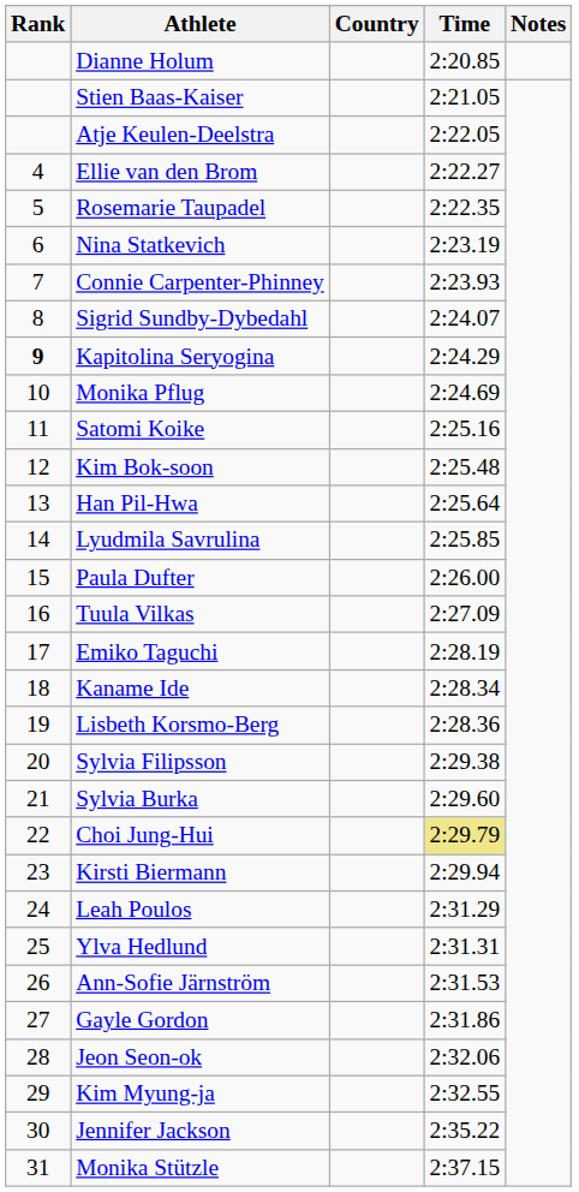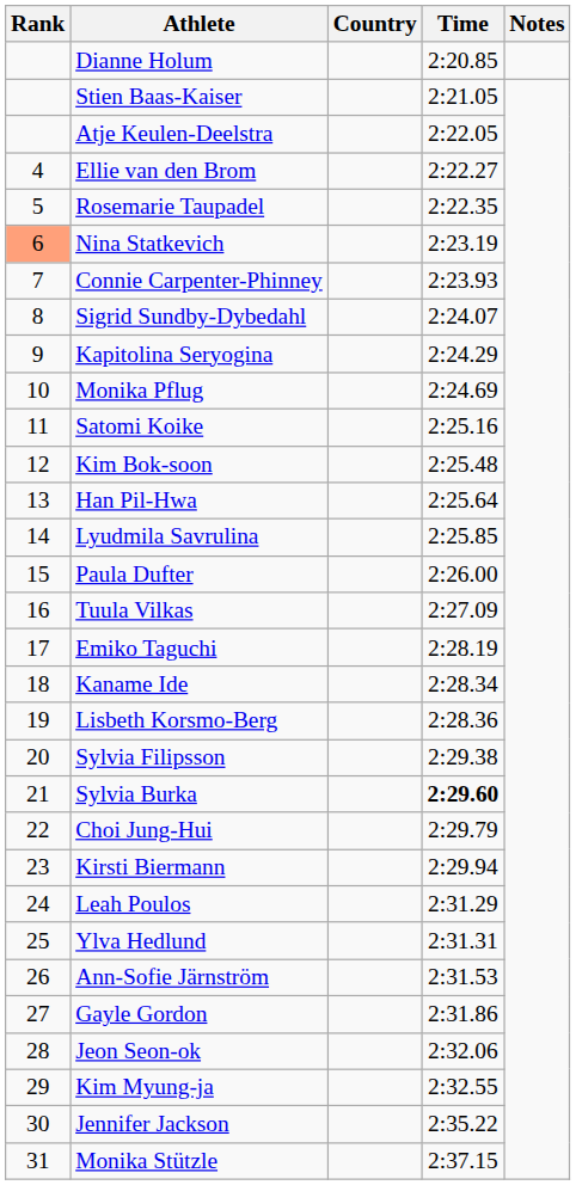 <table class="wikitable sortable" style="text-align:center">
 <tr>
 <th>Rank</th>
 <th>Athlete</th>
 <th>Country</th>
 <th>Time</th>
 <th>Notes</th>
 </tr>
 <tr>
 <td></td>
 <td align=left><a href='#'>Dianne Holum</a></td>
 <td align=left></td>
 <td>2:20.85</td>
 <td></td>
 </tr>
 <tr>
 <td></td>
 <td align=left><a href='#'>Stien Baas-Kaiser</a></td>
 <td align=left></td>
 <td>2:21.05</td>
 </tr>
 <tr>
 <td></td>
 <td align=left><a href='#'>Atje Keulen-Deelstra</a></td>
 <td align=left></td>
 <td>2:22.05</td>
 </tr>
 <tr>
 <td>4</td>
 <td align=left><a href='#'>Ellie van den Brom</a></td>
 <td align=left></td>
 <td>2:22.27</td>
 </tr>
 <tr>
 <td>5</td>
 <td align=left><a href='#'>Rosemarie Taupadel</a></td>
 <td align=left></td>
 <td>2:22.35</td>
 </tr>
 <tr>
-<td>6</td>
+<td style="background: lightsalmon;">6</td>
 <td align=left><a href='#'>Nina Statkevich</a></td>
 <td align=left></td>
 <td>2:23.19</td>
 </tr>
 <tr>
 <td>7</td>
 <td align=left><a href='#'>Connie Carpenter-Phinney</a></td>
 <td align=left></td>
 <td>2:23.93</td>
 </tr>
 <tr>
 <td>8</td>
 <td align=left><a href='#'>Sigrid Sundby-Dybedahl</a></td>
 <td align=left></td>
 <td>2:24.07</td>
 </tr>
 <tr>
-<td><strong>9</strong></td>
+<td>9</td>
 <td align=left><a href='#'>Kapitolina Seryogina</a></td>
 <td align=left></td>
 <td>2:24.29</td>
 </tr>
 <tr>
 <td>10</td>
 <td align=left><a href='#'>Monika Pflug</a></td>
 <td align=left></td>
 <td>2:24.69</td>
 </tr>
 <tr>
 <td>11</td>
 <td align=left><a href='#'>Satomi Koike</a></td>
 <td align=left></td>
 <td>2:25.16</td>
 </tr>
 <tr>
 <td>12</td>
 <td align=left><a href='#'>Kim Bok-soon</a></td>
 <td align=left></td>
 <td>2:25.48</td>
 </tr>
 <tr>
 <td>13</td>
 <td align=left><a href='#'>Han Pil-Hwa</a></td>
 <td align=left></td>
 <td>2:25.64</td>
 </tr>
 <tr>
 <td>14</td>
 <td align=left><a href='#'>Lyudmila Savrulina</a></td>
 <td align=left></td>
 <td>2:25.85</td>
 </tr>
 <tr>
 <td>15</td>
 <td align=left><a href='#'>Paula Dufter</a></td>
 <td align=left></td>
 <td>2:26.00</td>
 </tr>
 <tr>
 <td>16</td>
 <td align=left><a href='#'>Tuula Vilkas</a></td>
 <td align=left></td>
 <td>2:27.09</td>
 </tr>
 <tr>
 <td>17</td>
 <td align=left><a href='#'>Emiko Taguchi</a></td>
 <td align=left></td>
 <td>2:28.19</td>
 </tr>
 <tr>
 <td>18</td>
 <td align=left><a href='#'>Kaname Ide</a></td>
 <td align=left></td>
 <td>2:28.34</td>
 </tr>
 <tr>
 <td>19</td>
 <td align=left><a href='#'>Lisbeth Korsmo-Berg</a></td>
 <td align=left></td>
 <td>2:28.36</td>
 </tr>
 <tr>
 <td>20</td>
 <td align=left><a href='#'>Sylvia Filipsson</a></td>
 <td align=left></td>
 <td>2:29.38</td>
 </tr>
 <tr>
 <td>21</td>
 <td align=left><a href='#'>Sylvia Burka</a></td>
 <td align=left></td>
-<td>2:29.60</td>
+<td><strong>2:29.60</strong></td>
 </tr>
 <tr>
 <td>22</td>
 <td align=left><a href='#'>Choi Jung-Hui</a></td>
 <td align=left></td>
-<td style="background: khaki;">2:29.79</td>
+<td>2:29.79</td>
 </tr>
 <tr>
 <td>23</td>
 <td align=left><a href='#'>Kirsti Biermann</a></td>
 <td align=left></td>
 <td>2:29.94</td>
 </tr>
 <tr>
 <td>24</td>
 <td align=left><a href='#'>Leah Poulos</a></td>
 <td align=left></td>
 <td>2:31.29</td>
 </tr>
 <tr>
 <td>25</td>
 <td align=left><a href='#'>Ylva Hedlund</a></td>
 <td align=left></td>
 <td>2:31.31</td>
 </tr>
 <tr>
 <td>26</td>
 <td align=left><a href='#'>Ann-Sofie Järnström</a></td>
 <td align=left></td>
 <td>2:31.53</td>
 </tr>
 <tr>
 <td>27</td>
 <td align=left><a href='#'>Gayle Gordon</a></td>
 <td align=left></td>
 <td>2:31.86</td>
 </tr>
 <tr>
 <td>28</td>
 <td align=left><a href='#'>Jeon Seon-ok</a></td>
 <td align=left></td>
 <td>2:32.06</td>
 </tr>
 <tr>
 <td>29</td>
 <td align=left><a href='#'>Kim Myung-ja</a></td>
 <td align=left></td>
 <td>2:32.55</td>
 </tr>
 <tr>
 <td>30</td>
 <td align=left><a href='#'>Jennifer Jackson</a></td>
 <td align=left></td>
 <td>2:35.22</td>
 </tr>
 <tr>
 <td>31</td>
 <td align=left><a href='#'>Monika Stützle</a></td>
 <td align=left></td>
 <td>2:37.15</td>
 </tr>
 </table>
